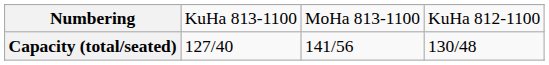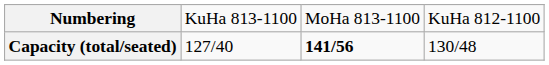 <table class="wikitable">
 <tr>
 <th>Numbering</th>
 <td>KuHa 813-1100</td>
 <td>MoHa 813-1100</td>
 <td>KuHa 812-1100</td>
 </tr>
 <tr>
 <th>Capacity (total/seated)</th>
 <td>127/40</td>
-<td>141/56</td>
+<td><strong>141/56</strong></td>
 <td>130/48</td>
 </tr>
 </table>
